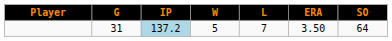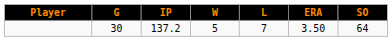 <table class="wikitable sortable">
 <tr>
 <th style="background:black;color:#FF8800;" width="16%">Player</th>
 <th style="background:black;color:#FF8800;" width="9%">G</th>
 <th style="background:black;color:#FF8800;" width="9%">IP</th>
 <th style="background:black;color:#FF8800;" width="9%">W</th>
 <th style="background:black;color:#FF8800;" width="9%">L</th>
 <th style="background:black;color:#FF8800;" width="9%">ERA</th>
 <th style="background:black;color:#FF8800;" width="9%">SO</th>
 </tr>
 <tr align="center">
 <td></td>
-<td>31</td>
-<td style="background: lightblue;">137.2</td>
+<td>30</td>
+<td>137.2</td>
 <td>5</td>
 <td>7</td>
 <td>3.50</td>
 <td>64</td>
 </tr>
 </table>
